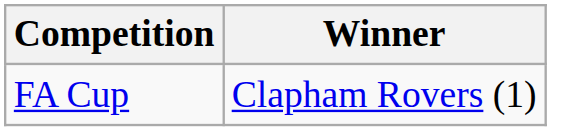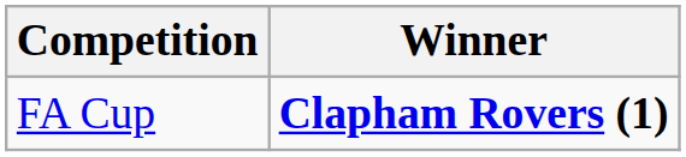 <table class="wikitable">
 <tr>
 <th>Competition</th>
 <th>Winner</th>
 </tr>
 <tr>
 <td><a href='#'>FA Cup</a></td>
-<td><a href='#'>Clapham Rovers</a> (1)</td>
+<td><strong><a href='#'>Clapham Rovers</a> (1)</strong></td>
 </tr>
 </table>
